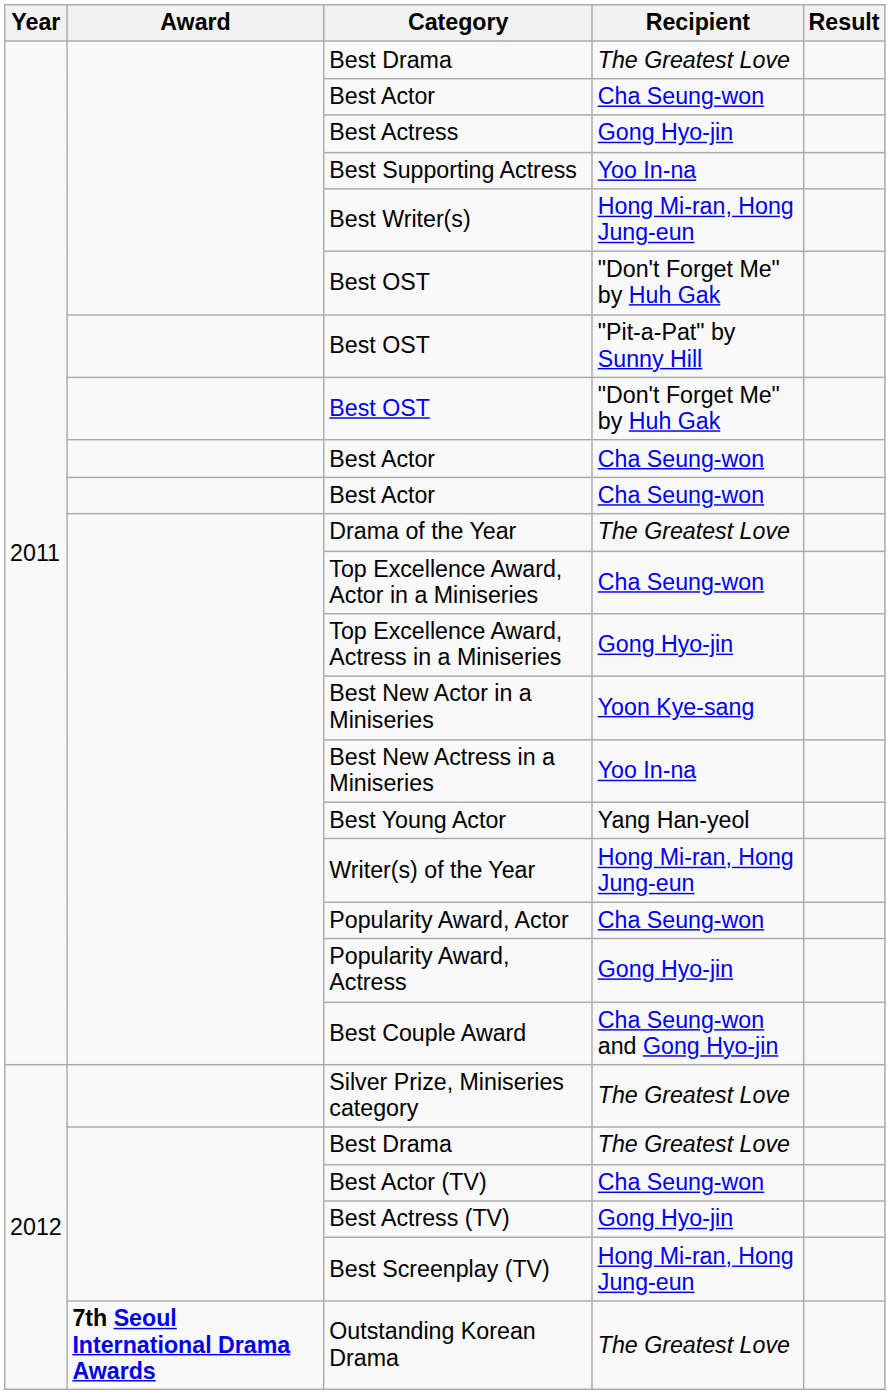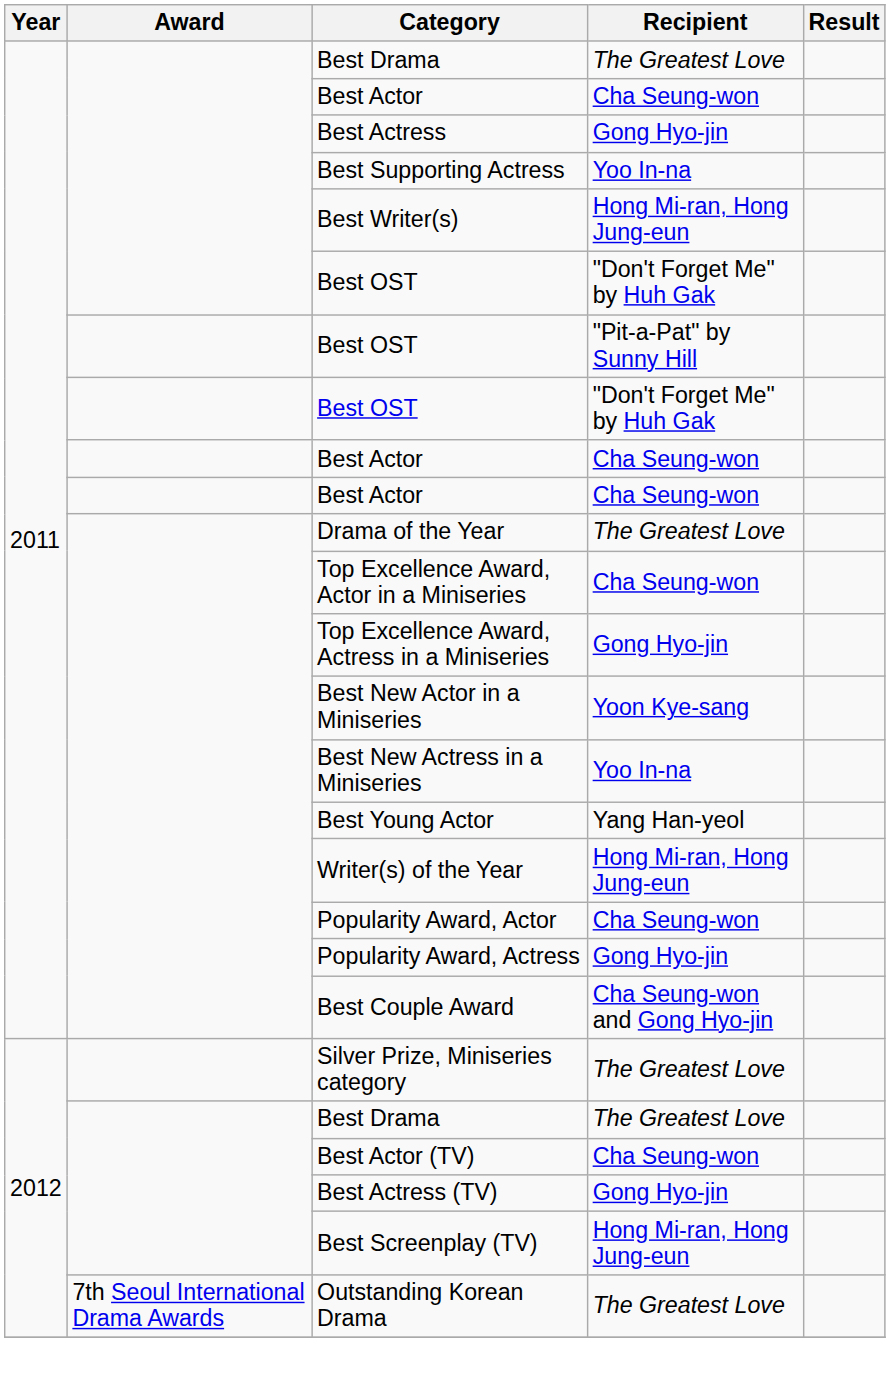 <table class="wikitable">
 <tr>
 <th>Year</th>
 <th>Award</th>
 <th>Category</th>
 <th>Recipient</th>
 <th>Result</th>
 </tr>
 <tr>
 <td rowspan=20>2011</td>
 <td rowspan=6></td>
 <td>Best Drama</td>
 <td><em>The Greatest Love</em></td>
 <td></td>
 </tr>
 <tr>
 <td>Best Actor</td>
 <td><a href='#'>Cha Seung-won</a></td>
 <td></td>
 </tr>
 <tr>
 <td>Best Actress</td>
 <td><a href='#'>Gong Hyo-jin</a></td>
 <td></td>
 </tr>
 <tr>
 <td>Best Supporting Actress</td>
 <td><a href='#'>Yoo In-na</a></td>
 <td></td>
 </tr>
 <tr>
 <td>Best Writer(s)</td>
 <td><a href='#'>Hong Mi-ran, Hong Jung-eun</a></td>
 <td></td>
 </tr>
 <tr>
 <td>Best OST</td>
 <td>"Don't Forget Me" by <a href='#'>Huh Gak</a></td>
 <td></td>
 </tr>
 <tr>
 <td></td>
 <td>Best OST</td>
 <td>"Pit-a-Pat" by <a href='#'>Sunny Hill</a></td>
 <td></td>
 </tr>
 <tr>
 <td></td>
 <td><a href='#'>Best OST</a></td>
 <td>"Don't Forget Me" by <a href='#'>Huh Gak</a></td>
 <td></td>
 </tr>
 <tr>
 <td></td>
 <td>Best Actor</td>
 <td><a href='#'>Cha Seung-won</a></td>
 <td></td>
 </tr>
 <tr>
 <td></td>
 <td>Best Actor</td>
 <td><a href='#'>Cha Seung-won</a></td>
 <td></td>
 </tr>
 <tr>
 <td rowspan=10></td>
 <td>Drama of the Year</td>
 <td><em>The Greatest Love</em></td>
 <td></td>
 </tr>
 <tr>
 <td>Top Excellence Award, Actor in a Miniseries</td>
 <td><a href='#'>Cha Seung-won</a></td>
 <td></td>
 </tr>
 <tr>
 <td>Top Excellence Award, Actress in a Miniseries</td>
 <td><a href='#'>Gong Hyo-jin</a></td>
 <td></td>
 </tr>
 <tr>
 <td>Best New Actor in a Miniseries</td>
 <td><a href='#'>Yoon Kye-sang</a></td>
 <td></td>
 </tr>
 <tr>
 <td>Best New Actress in a Miniseries</td>
 <td><a href='#'>Yoo In-na</a></td>
 <td></td>
 </tr>
 <tr>
 <td>Best Young Actor</td>
 <td>Yang Han-yeol</td>
 <td></td>
 </tr>
 <tr>
 <td>Writer(s) of the Year</td>
 <td><a href='#'>Hong Mi-ran, Hong Jung-eun</a></td>
 <td></td>
 </tr>
 <tr>
 <td>Popularity Award, Actor</td>
 <td><a href='#'>Cha Seung-won</a></td>
 <td></td>
 </tr>
 <tr>
 <td>Popularity Award, Actress</td>
 <td><a href='#'>Gong Hyo-jin</a></td>
 <td></td>
 </tr>
 <tr>
 <td>Best Couple Award</td>
 <td><a href='#'>Cha Seung-won</a> and <a href='#'>Gong Hyo-jin</a></td>
 <td></td>
 </tr>
 <tr>
 <td rowspan=6>2012</td>
 <td></td>
 <td>Silver Prize, Miniseries category</td>
 <td><em>The Greatest Love</em></td>
 <td></td>
 </tr>
 <tr>
 <td rowspan=4></td>
 <td>Best Drama</td>
 <td><em>The Greatest Love</em></td>
 <td></td>
 </tr>
 <tr>
 <td>Best Actor (TV)</td>
 <td><a href='#'>Cha Seung-won</a></td>
 <td></td>
 </tr>
 <tr>
 <td>Best Actress (TV)</td>
 <td><a href='#'>Gong Hyo-jin</a></td>
 <td></td>
 </tr>
 <tr>
 <td>Best Screenplay (TV)</td>
 <td><a href='#'>Hong Mi-ran, Hong Jung-eun</a></td>
 <td></td>
 </tr>
 <tr>
-<td><strong>7th <a href='#'>Seoul International Drama Awards</a></strong></td>
+<td>7th <a href='#'>Seoul International Drama Awards</a></td>
 <td>Outstanding Korean Drama</td>
 <td><em>The Greatest Love</em></td>
 <td></td>
 </tr>
 <tr>
 </tr>
 </table>
